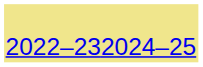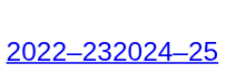 <table id=toc class=toc summary=Contents>
 <tr>
 <th></th>
 </tr>
 <tr>
-<td align=center style="background: khaki;"><br><a href='#'></a><a href='#'>2022–23</a><a href='#'></a><a href='#'>2024–25</a></td>
+<td align=center><br><a href='#'></a><a href='#'>2022–23</a><a href='#'></a><a href='#'>2024–25</a></td>
 </tr>
 </table>
